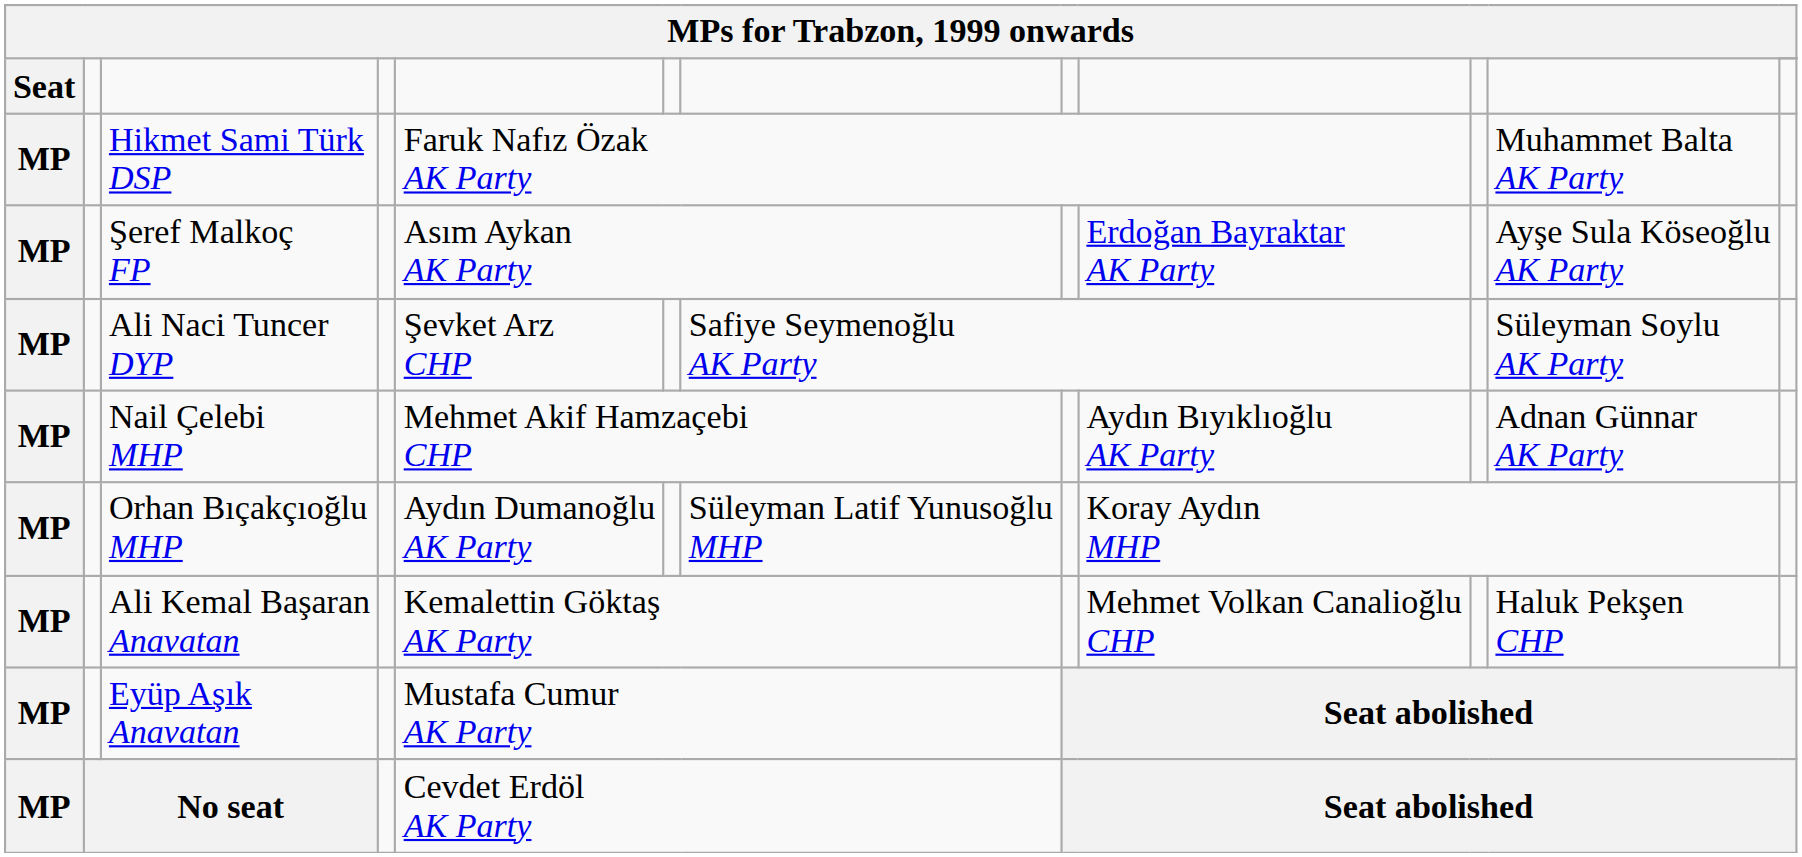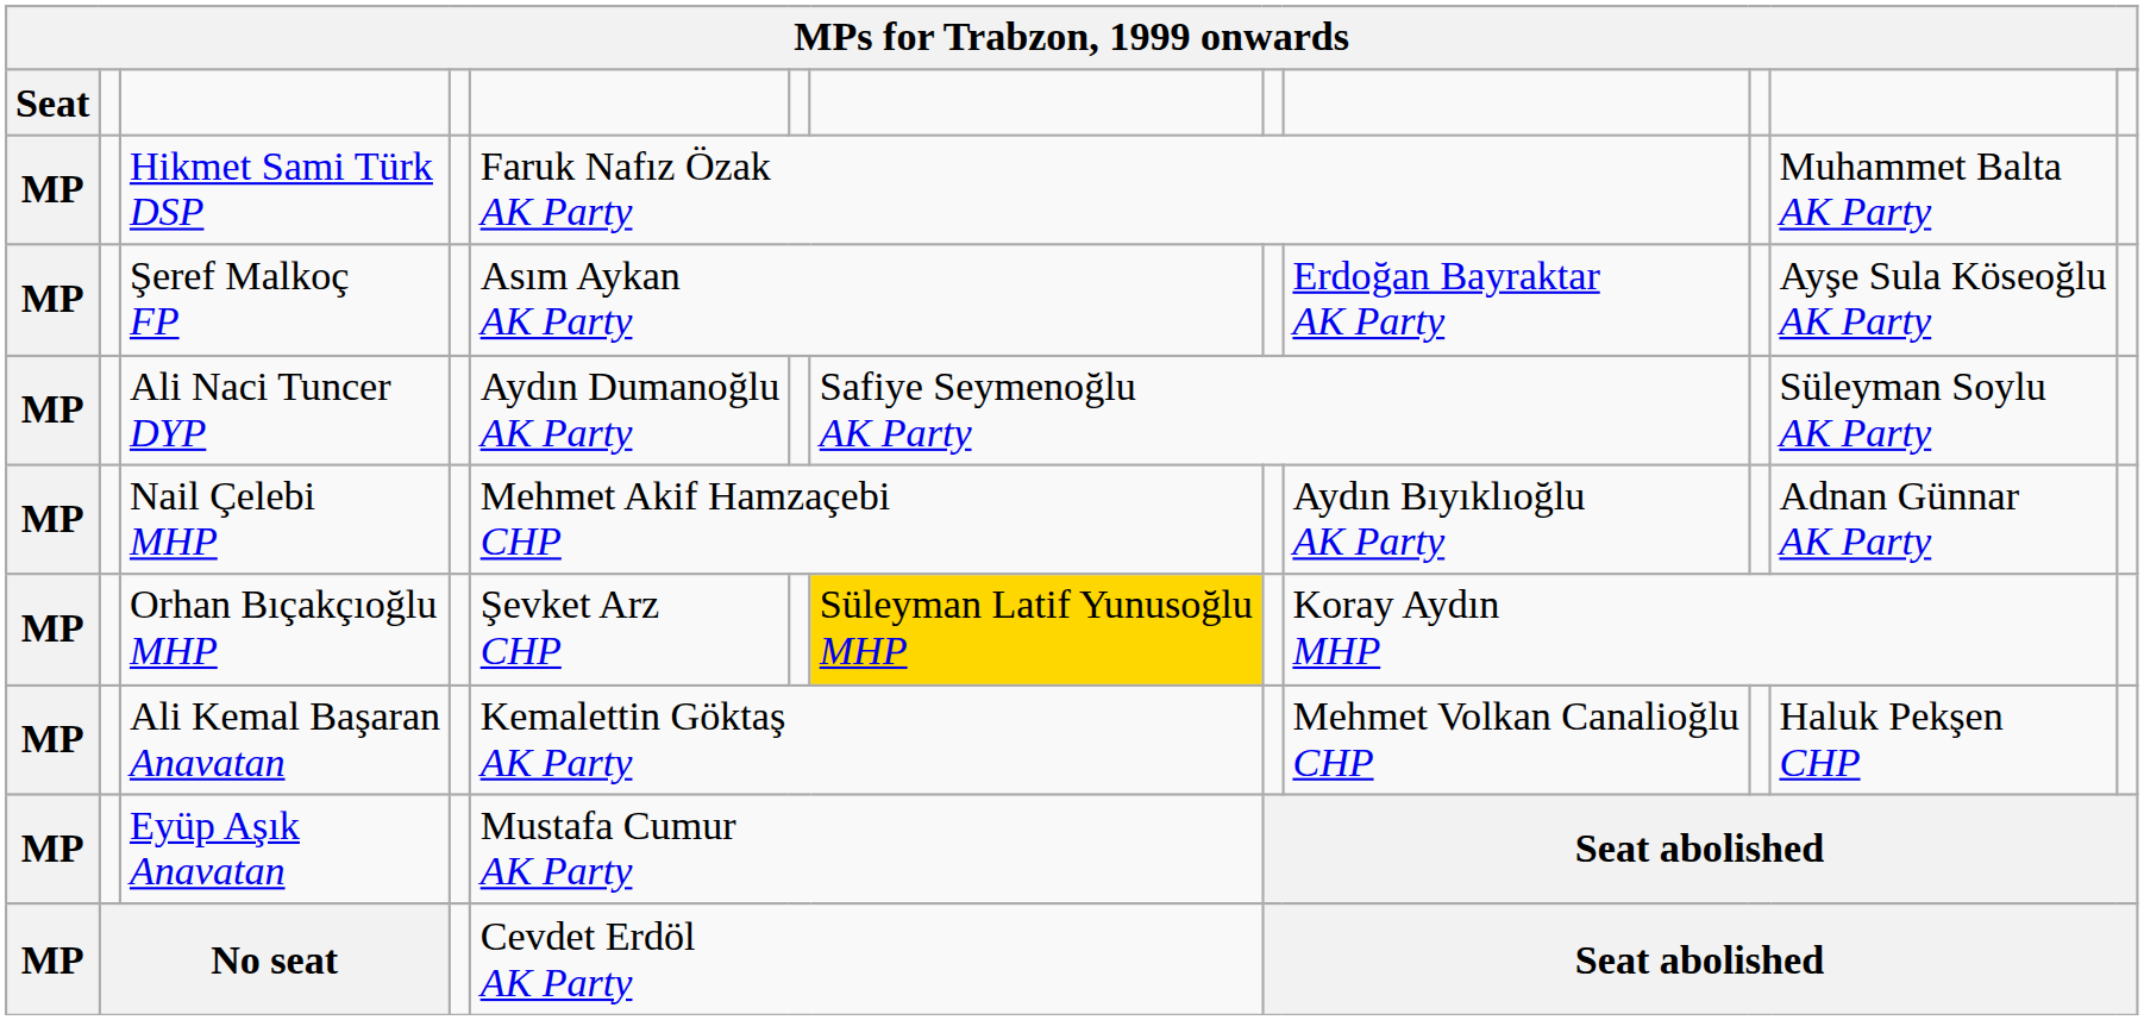 <table class="wikitable">
 <tr>
 <th colspan = 12>MPs for Trabzon, 1999 onwards</th>
 </tr>
 <tr>
 <th rowspan = 2>Seat</th>
 <td rowspan="2" style="width:1px;"></td>
 <td rowspan = 2></td>
 <td rowspan="2" style="width:1px;"></td>
 <td rowspan = 2></td>
 <td rowspan="2" style="width:1px;"></td>
 <td rowspan = 2></td>
 <td rowspan="2" style="width:1px;"></td>
 <td rowspan = 2></td>
 <td rowspan="2" style="width:1px;"></td>
 <td rowspan = 2></td>
 </tr>
 <tr>
 <td></td>
 </tr>
 <tr>
 <th>MP</th>
 <td width=1px style="background-color: "></td>
 <td colspan = 1><a href='#'>Hikmet Sami Türk</a><br><em><a href='#'>DSP</a></em></td>
 <td width=1px style="background-color: "></td>
 <td colspan = 5>Faruk Nafız Özak<br><em><a href='#'>AK Party</a></em></td>
 <td width=1px style="background-color: "></td>
 <td colspan = 1>Muhammet Balta<br><em><a href='#'>AK Party</a></em></td>
 <td width=1px style="background-color: "></td>
 </tr>
 <tr>
 <th>MP</th>
 <td width=1px style="background-color: "></td>
 <td colspan = 1>Şeref Malkoç<br><em><a href='#'>FP</a></em></td>
 <td width=1px style="background-color: "></td>
 <td colspan = 3>Asım Aykan<br><em><a href='#'>AK Party</a></em></td>
 <td width=1px style="background-color: "></td>
 <td colspan = 1><a href='#'>Erdoğan Bayraktar</a><br><em><a href='#'>AK Party</a></em></td>
 <td width=1px style="background-color: "></td>
 <td colspan = 1>Ayşe Sula Köseoğlu<br><em><a href='#'>AK Party</a></em></td>
 <td width=1px style="background-color: "></td>
 </tr>
 <tr>
 <th>MP</th>
 <td width=1px style="background-color: "></td>
 <td colspan = 1>Ali Naci Tuncer<br><em><a href='#'>DYP</a></em></td>
 <td width=1px style="background-color: "></td>
-<td colspan = 1>Şevket Arz<br><em><a href='#'>CHP</a></em></td>
+<td colspan = 1>Aydın Dumanoğlu<br><em><a href='#'>AK Party</a></em></td>
 <td width=1px style="background-color: "></td>
 <td colspan = 3>Safiye Seymenoğlu<br><em><a href='#'>AK Party</a></em></td>
 <td width=1px style="background-color: "></td>
 <td colspan = 1>Süleyman Soylu<br><em><a href='#'>AK Party</a></em></td>
 <td width=1px style="background-color: "></td>
 </tr>
 <tr>
 <th>MP</th>
 <td width=1px style="background-color: "></td>
 <td colspan = 1>Nail Çelebi<br><em><a href='#'>MHP</a></em></td>
 <td width=1px style="background-color: "></td>
 <td colspan = 3>Mehmet Akif Hamzaçebi<br><em><a href='#'>CHP</a></em></td>
 <td width=1px style="background-color: "></td>
 <td colspan = 1>Aydın Bıyıklıoğlu<br><em><a href='#'>AK Party</a></em></td>
 <td width=1px style="background-color: "></td>
 <td colspan = 1>Adnan Günnar<br><em><a href='#'>AK Party</a></em></td>
 <td width=1px style="background-color: "></td>
 </tr>
 <tr>
 <th>MP</th>
 <td width=1px style="background-color: "></td>
 <td colspan = 1>Orhan Bıçakçıoğlu<br><em><a href='#'>MHP</a></em></td>
 <td width=1px style="background-color: "></td>
-<td colspan = 1>Aydın Dumanoğlu<br><em><a href='#'>AK Party</a></em></td>
+<td colspan = 1>Şevket Arz<br><em><a href='#'>CHP</a></em></td>
 <td width=1px style="background-color: "></td>
-<td colspan = 1>Süleyman Latif Yunusoğlu<br><em><a href='#'>MHP</a></em></td>
+<td colspan = 1 style="background: gold;">Süleyman Latif Yunusoğlu<br><em><a href='#'>MHP</a></em></td>
 <td width=1px style="background-color: "></td>
 <td colspan = 3>Koray Aydın<br><em><a href='#'>MHP</a></em></td>
 <td width=1px style="background-color: "></td>
 </tr>
 <tr>
 <th>MP</th>
 <td width=1px style="background-color: "></td>
 <td colspan = 1>Ali Kemal Başaran<br><em><a href='#'>Anavatan</a></em></td>
 <td width=1px style="background-color: "></td>
 <td colspan = 3>Kemalettin Göktaş<br><em><a href='#'>AK Party</a></em></td>
 <td width=1px style="background-color: "></td>
 <td colspan = 1>Mehmet Volkan Canalioğlu<br><em><a href='#'>CHP</a></em></td>
 <td width=1px style="background-color: "></td>
 <td colspan = 1>Haluk Pekşen<br><em><a href='#'>CHP</a></em></td>
 <td width=1px style="background-color: "></td>
 </tr>
 <tr>
 <th>MP</th>
 <td width=1px style="background-color: "></td>
 <td colspan = 1><a href='#'>Eyüp Aşık</a><br><em><a href='#'>Anavatan</a></em></td>
 <td width=1px style="background-color: "></td>
 <td colspan = 3>Mustafa Cumur<br><em><a href='#'>AK Party</a></em></td>
 <th colspan = 5>Seat abolished</th>
 </tr>
 <tr>
 <th>MP</th>
 <th colspan = 2>No seat</th>
 <td width=1px style="background-color: "></td>
 <td colspan = 3>Cevdet Erdöl<br><em><a href='#'>AK Party</a></em></td>
 <th colspan = 5>Seat abolished</th>
 </tr>
 </table>
